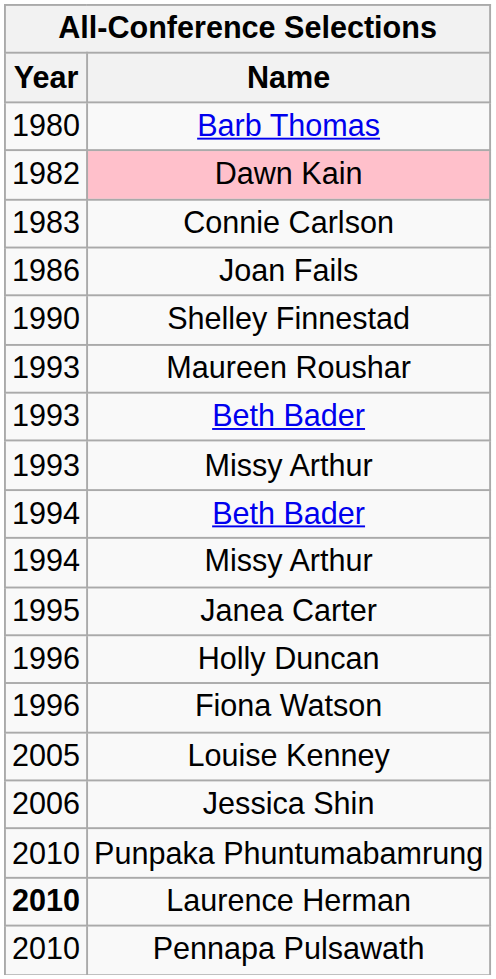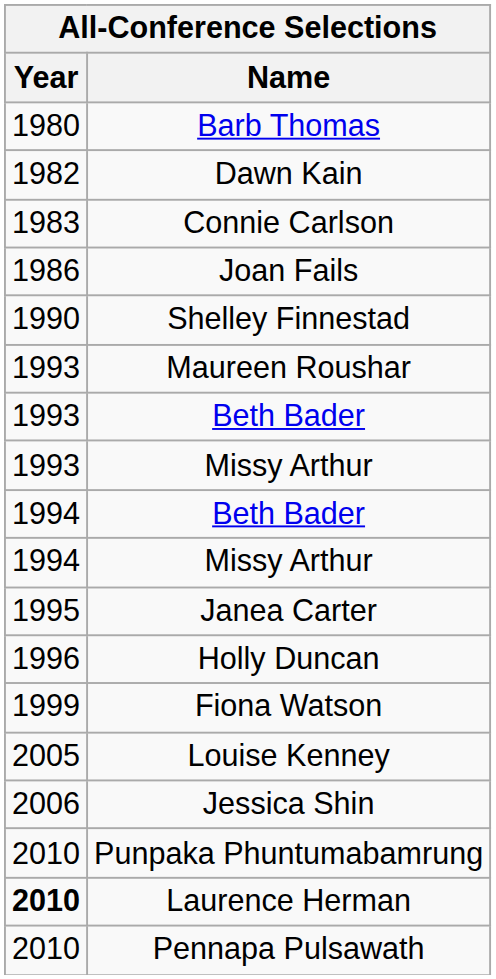 <table class="wikitable">
 <tr>
 <th colspan="2">All-Conference Selections</th>
 </tr>
 <tr>
 <th scope="col">Year</th>
 <th scope="col">Name</th>
 </tr>
 <tr>
 <td>1980</td>
 <td style="text-align: center;"><a href='#'>Barb Thomas</a></td>
 </tr>
 <tr>
 <td>1982</td>
-<td style="background: pink; text-align: center;">Dawn Kain</td>
+<td style="text-align: center;">Dawn Kain</td>
 </tr>
 <tr>
 <td>1983</td>
 <td style="text-align: center;">Connie Carlson</td>
 </tr>
 <tr>
 <td>1986</td>
 <td style="text-align: center;">Joan Fails</td>
 </tr>
 <tr>
 <td>1990</td>
 <td style="text-align: center;">Shelley Finnestad</td>
 </tr>
 <tr>
 <td>1993</td>
 <td style="text-align: center;">Maureen Roushar</td>
 </tr>
 <tr>
 <td>1993</td>
 <td style="text-align: center;"><a href='#'>Beth Bader</a></td>
 </tr>
 <tr>
 <td>1993</td>
 <td style="text-align: center;">Missy Arthur</td>
 </tr>
 <tr>
 <td>1994</td>
 <td style="text-align: center;"><a href='#'>Beth Bader</a></td>
 </tr>
 <tr>
 <td>1994</td>
 <td style="text-align: center;">Missy Arthur</td>
 </tr>
 <tr>
 <td>1995</td>
 <td style="text-align: center;">Janea Carter</td>
 </tr>
 <tr>
 <td>1996</td>
 <td style="text-align: center;">Holly Duncan</td>
 </tr>
 <tr>
-<td>1996</td>
+<td>1999</td>
 <td style="text-align: center;">Fiona Watson</td>
 </tr>
 <tr>
 <td>2005</td>
 <td style="text-align: center;">Louise Kenney</td>
 </tr>
 <tr>
 <td>2006</td>
 <td style="text-align: center;">Jessica Shin</td>
 </tr>
 <tr>
 <td>2010</td>
 <td style="text-align: center;">Punpaka Phuntumabamrung</td>
 </tr>
 <tr>
 <td><strong>2010</strong></td>
 <td style="text-align: center;">Laurence Herman</td>
 </tr>
 <tr>
 <td>2010</td>
 <td style="text-align: center;">Pennapa Pulsawath</td>
 </tr>
 </table>
